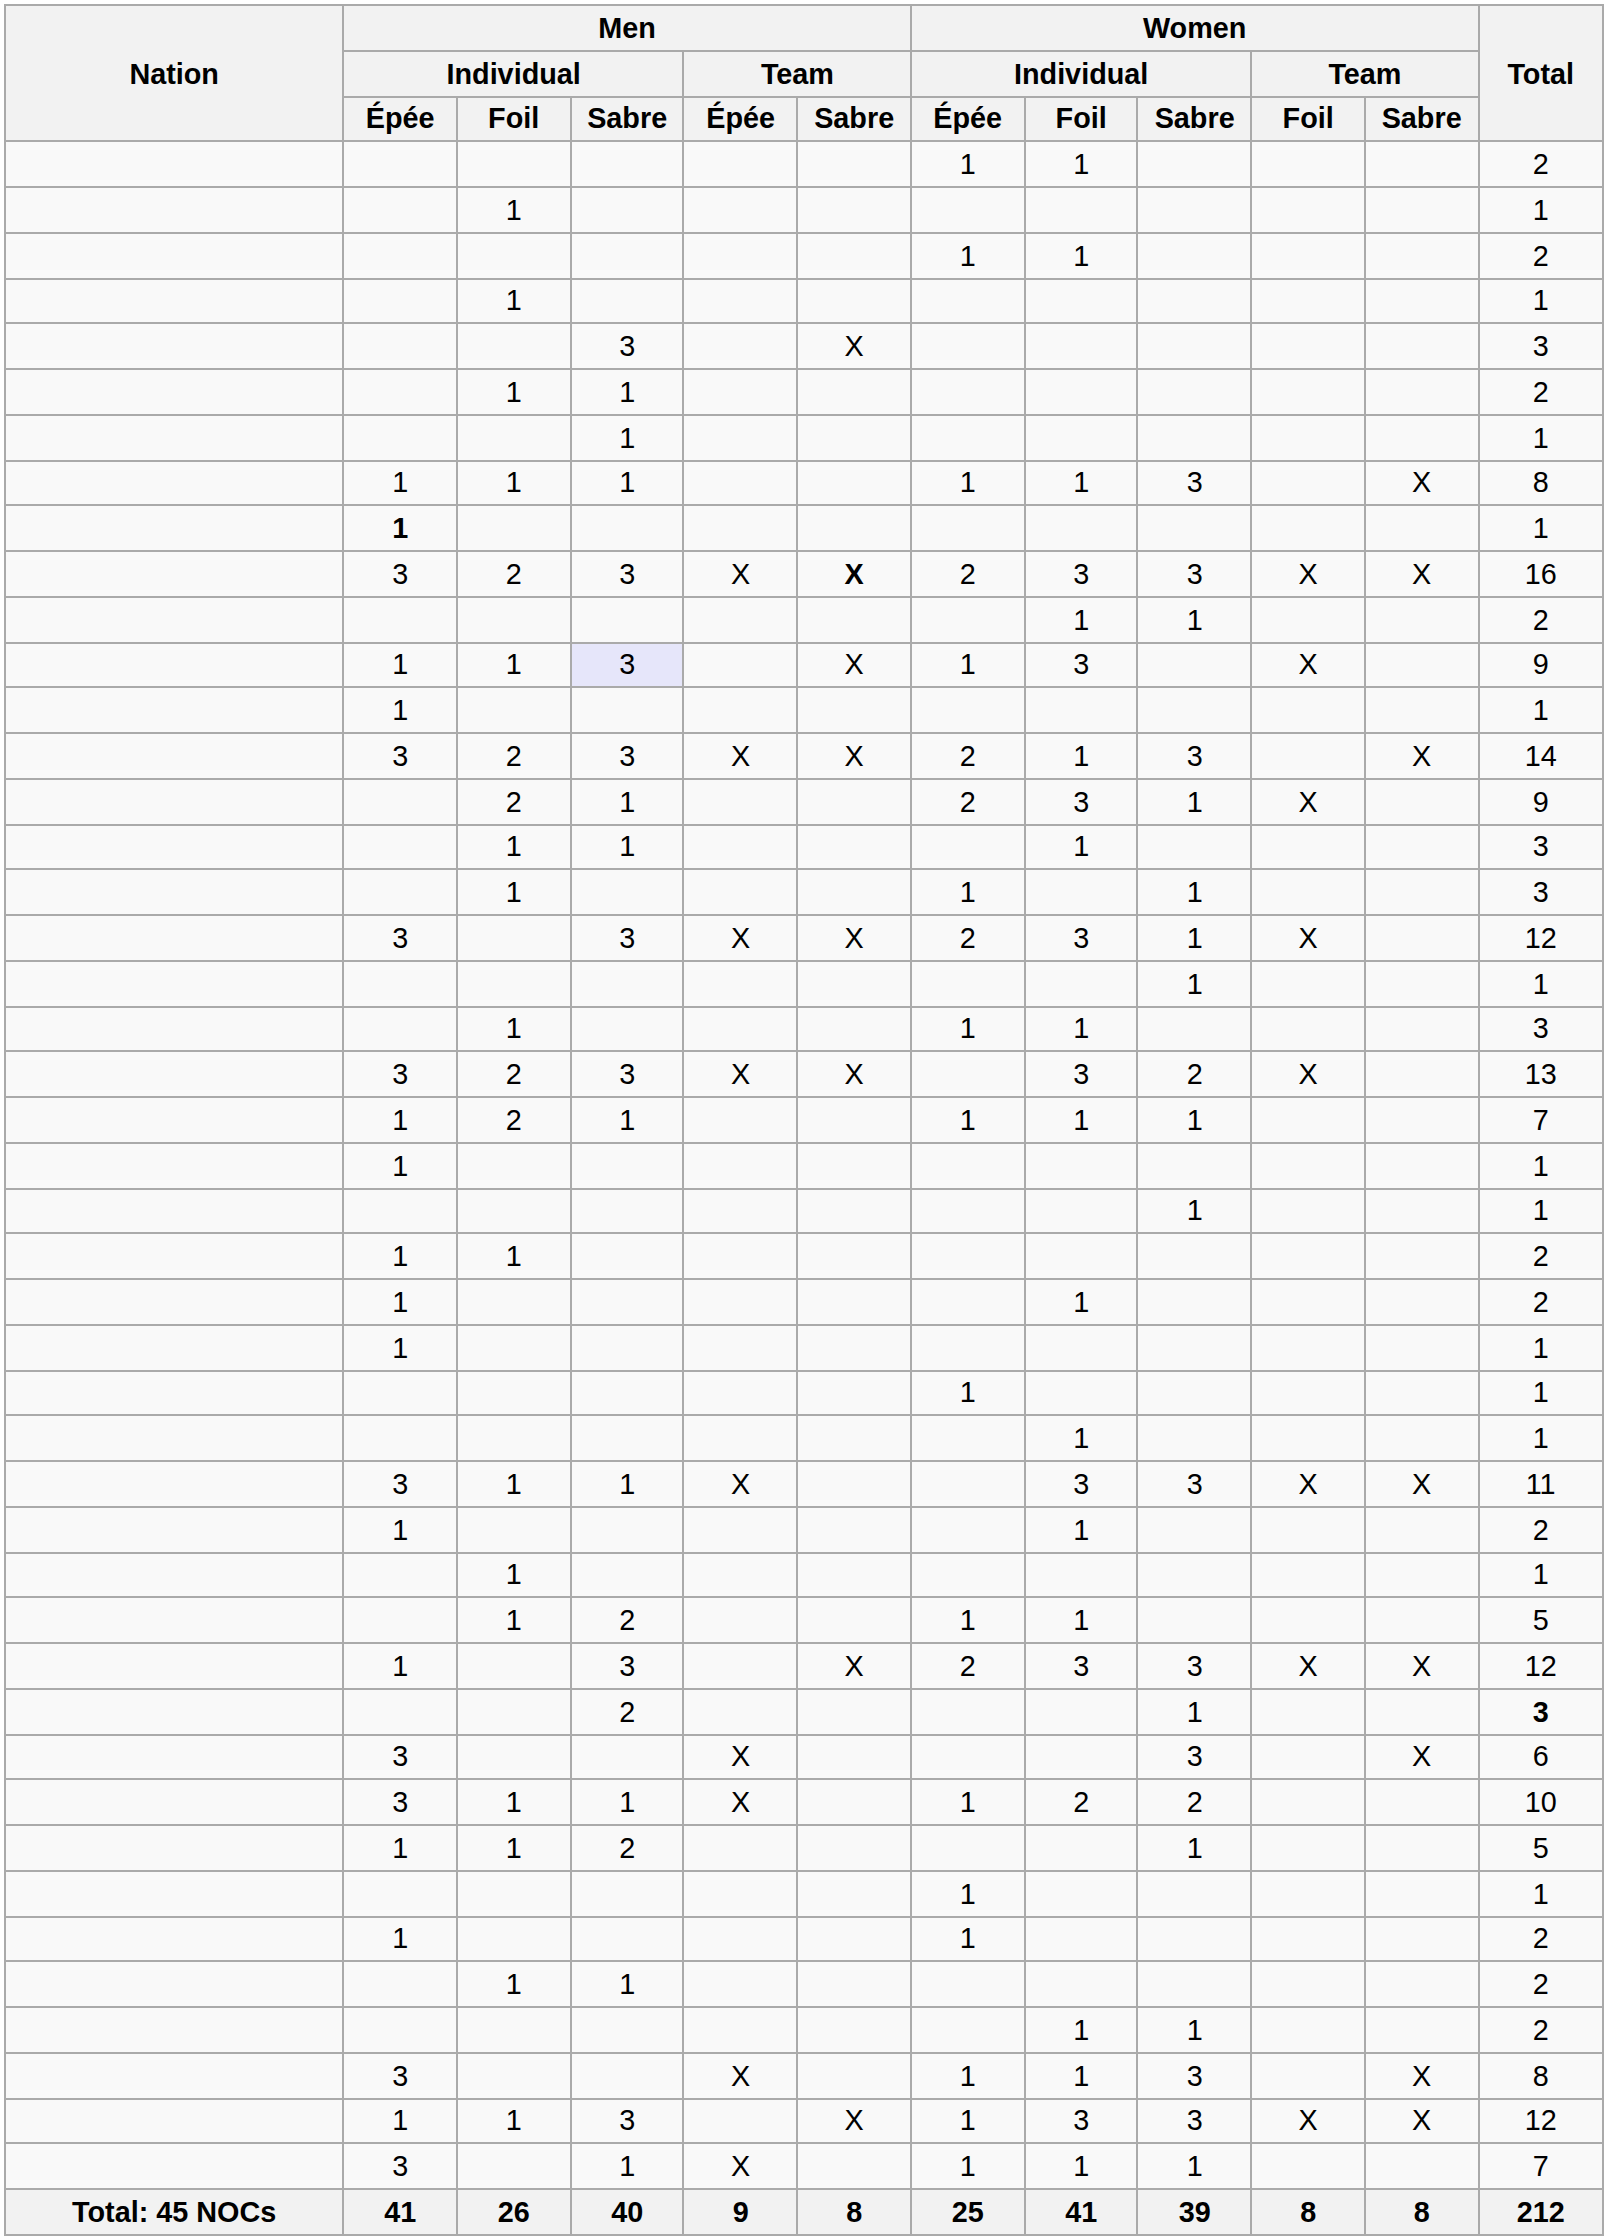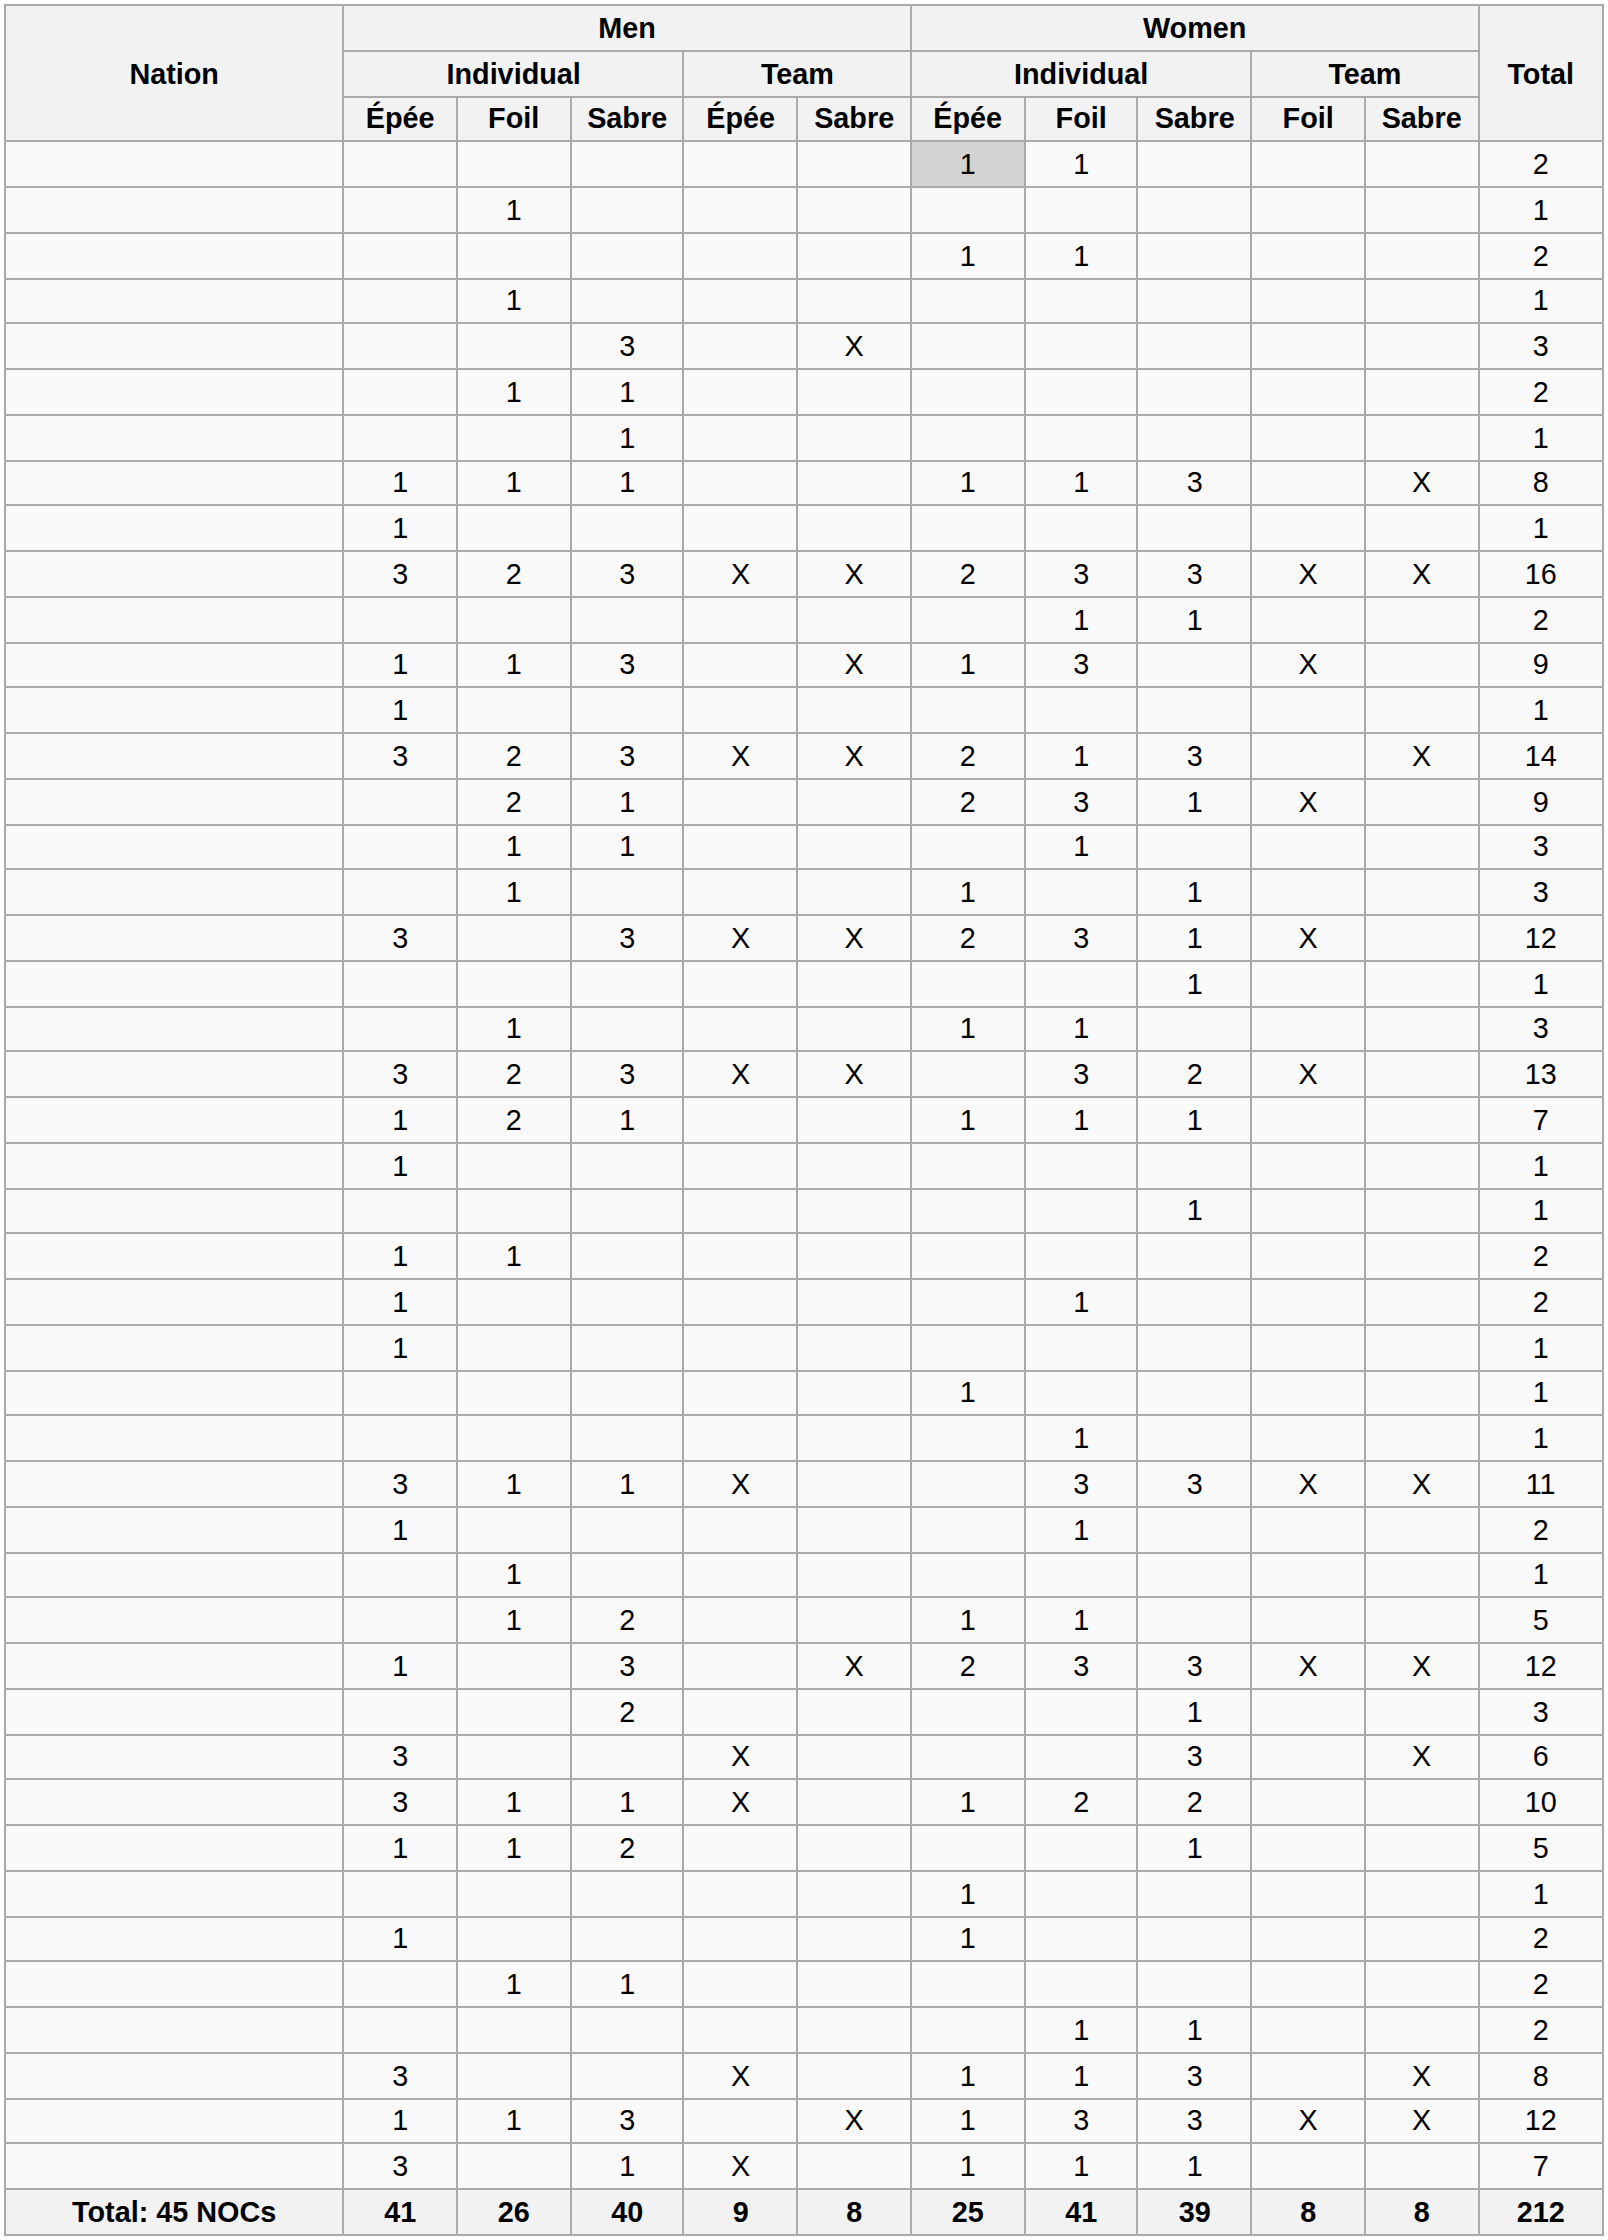 <table class="wikitable" width=800 style="text-align:center; font-size:90%">
 <tr>
 <th rowspan="3" align="left">Nation</th>
 <th colspan="5">Men</th>
 <th colspan="5">Women</th>
 <th rowspan="3">Total</th>
 </tr>
 <tr>
 <th colspan=3>Individual</th>
 <th colspan=2>Team</th>
 <th colspan=3>Individual</th>
 <th colspan=2>Team</th>
 </tr>
 <tr>
 <th width=50>Épée</th>
 <th width=50>Foil</th>
 <th width=50>Sabre</th>
 <th width=50>Épée</th>
 <th width=50>Sabre</th>
 <th width=50>Épée</th>
 <th width=50>Foil</th>
 <th width=50>Sabre</th>
 <th width=50>Foil</th>
 <th width=50>Sabre</th>
 </tr>
 <tr>
 <td align=left></td>
 <td></td>
 <td></td>
 <td></td>
 <td></td>
 <td></td>
-<td>1</td>
+<td style="background: lightgrey;">1</td>
 <td>1</td>
 <td></td>
 <td></td>
 <td></td>
 <td>2</td>
 </tr>
 <tr>
 <td align=left></td>
 <td></td>
 <td>1</td>
 <td></td>
 <td></td>
 <td></td>
 <td></td>
 <td></td>
 <td></td>
 <td></td>
 <td></td>
 <td>1</td>
 </tr>
 <tr>
 <td align=left></td>
 <td></td>
 <td></td>
 <td></td>
 <td></td>
 <td></td>
 <td>1</td>
 <td>1</td>
 <td></td>
 <td></td>
 <td></td>
 <td>2</td>
 </tr>
 <tr>
 <td align=left></td>
 <td></td>
 <td>1</td>
 <td></td>
 <td></td>
 <td></td>
 <td></td>
 <td></td>
 <td></td>
 <td></td>
 <td></td>
 <td>1</td>
 </tr>
 <tr>
 <td align=left></td>
 <td></td>
 <td></td>
 <td>3</td>
 <td></td>
 <td>X</td>
 <td></td>
 <td></td>
 <td></td>
 <td></td>
 <td></td>
 <td>3</td>
 </tr>
 <tr>
 <td align=left></td>
 <td></td>
 <td>1</td>
 <td>1</td>
 <td></td>
 <td></td>
 <td></td>
 <td></td>
 <td></td>
 <td></td>
 <td></td>
 <td>2</td>
 </tr>
 <tr>
 <td align=left></td>
 <td></td>
 <td></td>
 <td>1</td>
 <td></td>
 <td></td>
 <td></td>
 <td></td>
 <td></td>
 <td></td>
 <td></td>
 <td>1</td>
 </tr>
 <tr>
 <td align=left></td>
 <td>1</td>
 <td>1</td>
 <td>1</td>
 <td></td>
 <td></td>
 <td>1</td>
 <td>1</td>
 <td>3</td>
 <td></td>
 <td>X</td>
 <td>8</td>
 </tr>
 <tr>
 <td align=left></td>
-<td><strong>1</strong></td>
+<td>1</td>
 <td></td>
 <td></td>
 <td></td>
 <td></td>
 <td></td>
 <td></td>
 <td></td>
 <td></td>
 <td></td>
 <td>1</td>
 </tr>
 <tr>
 <td align=left></td>
 <td>3</td>
 <td>2</td>
 <td>3</td>
 <td>X</td>
-<td><strong>X</strong></td>
+<td>X</td>
 <td>2</td>
 <td>3</td>
 <td>3</td>
 <td>X</td>
 <td>X</td>
 <td>16</td>
 </tr>
 <tr>
 <td align=left></td>
 <td></td>
 <td></td>
 <td></td>
 <td></td>
 <td></td>
 <td></td>
 <td>1</td>
 <td>1</td>
 <td></td>
 <td></td>
 <td>2</td>
 </tr>
 <tr>
 <td align=left></td>
 <td>1</td>
 <td>1</td>
-<td style="background: lavender;">3</td>
+<td>3</td>
 <td></td>
 <td>X</td>
 <td>1</td>
 <td>3</td>
 <td></td>
 <td>X</td>
 <td></td>
 <td>9</td>
 </tr>
 <tr>
 <td align=left></td>
 <td>1</td>
 <td></td>
 <td></td>
 <td></td>
 <td></td>
 <td></td>
 <td></td>
 <td></td>
 <td></td>
 <td></td>
 <td>1</td>
 </tr>
 <tr>
 <td align=left></td>
 <td>3</td>
 <td>2</td>
 <td>3</td>
 <td>X</td>
 <td>X</td>
 <td>2</td>
 <td>1</td>
 <td>3</td>
 <td></td>
 <td>X</td>
 <td>14</td>
 </tr>
 <tr>
 <td align=left></td>
 <td></td>
 <td>2</td>
 <td>1</td>
 <td></td>
 <td></td>
 <td>2</td>
 <td>3</td>
 <td>1</td>
 <td>X</td>
 <td></td>
 <td>9</td>
 </tr>
 <tr>
 <td align=left></td>
 <td></td>
 <td>1</td>
 <td>1</td>
 <td></td>
 <td></td>
 <td></td>
 <td>1</td>
 <td></td>
 <td></td>
 <td></td>
 <td>3</td>
 </tr>
 <tr>
 <td align=left></td>
 <td></td>
 <td>1</td>
 <td></td>
 <td></td>
 <td></td>
 <td>1</td>
 <td></td>
 <td>1</td>
 <td></td>
 <td></td>
 <td>3</td>
 </tr>
 <tr>
 <td align=left></td>
 <td>3</td>
 <td></td>
 <td>3</td>
 <td>X</td>
 <td>X</td>
 <td>2</td>
 <td>3</td>
 <td>1</td>
 <td>X</td>
 <td></td>
 <td>12</td>
 </tr>
 <tr>
 <td align=left></td>
 <td></td>
 <td></td>
 <td></td>
 <td></td>
 <td></td>
 <td></td>
 <td></td>
 <td>1</td>
 <td></td>
 <td></td>
 <td>1</td>
 </tr>
 <tr>
 <td align=left></td>
 <td></td>
 <td>1</td>
 <td></td>
 <td></td>
 <td></td>
 <td>1</td>
 <td>1</td>
 <td></td>
 <td></td>
 <td></td>
 <td>3</td>
 </tr>
 <tr>
 <td align=left></td>
 <td>3</td>
 <td>2</td>
 <td>3</td>
 <td>X</td>
 <td>X</td>
 <td></td>
 <td>3</td>
 <td>2</td>
 <td>X</td>
 <td></td>
 <td>13</td>
 </tr>
 <tr>
 <td align=left></td>
 <td>1</td>
 <td>2</td>
 <td>1</td>
 <td></td>
 <td></td>
 <td>1</td>
 <td>1</td>
 <td>1</td>
 <td></td>
 <td></td>
 <td>7</td>
 </tr>
 <tr>
 <td align=left></td>
 <td>1</td>
 <td></td>
 <td></td>
 <td></td>
 <td></td>
 <td></td>
 <td></td>
 <td></td>
 <td></td>
 <td></td>
 <td>1</td>
 </tr>
 <tr>
 <td align=left></td>
 <td></td>
 <td></td>
 <td></td>
 <td></td>
 <td></td>
 <td></td>
 <td></td>
 <td>1</td>
 <td></td>
 <td></td>
 <td>1</td>
 </tr>
 <tr>
 <td align=left></td>
 <td>1</td>
 <td>1</td>
 <td></td>
 <td></td>
 <td></td>
 <td></td>
 <td></td>
 <td></td>
 <td></td>
 <td></td>
 <td>2</td>
 </tr>
 <tr>
 <td align=left></td>
 <td>1</td>
 <td></td>
 <td></td>
 <td></td>
 <td></td>
 <td></td>
 <td>1</td>
 <td></td>
 <td></td>
 <td></td>
 <td>2</td>
 </tr>
 <tr>
 <td align=left></td>
 <td>1</td>
 <td></td>
 <td></td>
 <td></td>
 <td></td>
 <td></td>
 <td></td>
 <td></td>
 <td></td>
 <td></td>
 <td>1</td>
 </tr>
 <tr>
 <td align=left></td>
 <td></td>
 <td></td>
 <td></td>
 <td></td>
 <td></td>
 <td>1</td>
 <td></td>
 <td></td>
 <td></td>
 <td></td>
 <td>1</td>
 </tr>
 <tr>
 <td align=left></td>
 <td></td>
 <td></td>
 <td></td>
 <td></td>
 <td></td>
 <td></td>
 <td>1</td>
 <td></td>
 <td></td>
 <td></td>
 <td>1</td>
 </tr>
 <tr>
 <td align=left></td>
 <td>3</td>
 <td>1</td>
 <td>1</td>
 <td>X</td>
 <td></td>
 <td></td>
 <td>3</td>
 <td>3</td>
 <td>X</td>
 <td>X</td>
 <td>11</td>
 </tr>
 <tr>
 <td align=left></td>
 <td>1</td>
 <td></td>
 <td></td>
 <td></td>
 <td></td>
 <td></td>
 <td>1</td>
 <td></td>
 <td></td>
 <td></td>
 <td>2</td>
 </tr>
 <tr>
 <td align=left></td>
 <td></td>
 <td>1</td>
 <td></td>
 <td></td>
 <td></td>
 <td></td>
 <td></td>
 <td></td>
 <td></td>
 <td></td>
 <td>1</td>
 </tr>
 <tr>
 <td align=left></td>
 <td></td>
 <td>1</td>
 <td>2</td>
 <td></td>
 <td></td>
 <td>1</td>
 <td>1</td>
 <td></td>
 <td></td>
 <td></td>
 <td>5</td>
 </tr>
 <tr>
 <td align=left></td>
 <td>1</td>
 <td></td>
 <td>3</td>
 <td></td>
 <td>X</td>
 <td>2</td>
 <td>3</td>
 <td>3</td>
 <td>X</td>
 <td>X</td>
 <td>12</td>
 </tr>
 <tr>
 <td align=left></td>
 <td></td>
 <td></td>
 <td>2</td>
 <td></td>
 <td></td>
 <td></td>
 <td></td>
 <td>1</td>
 <td></td>
 <td></td>
-<td><strong>3</strong></td>
+<td>3</td>
 </tr>
 <tr>
 <td align=left></td>
 <td>3</td>
 <td></td>
 <td></td>
 <td>X</td>
 <td></td>
 <td></td>
 <td></td>
 <td>3</td>
 <td></td>
 <td>X</td>
 <td>6</td>
 </tr>
 <tr>
 <td align=left></td>
 <td>3</td>
 <td>1</td>
 <td>1</td>
 <td>X</td>
 <td></td>
 <td>1</td>
 <td>2</td>
 <td>2</td>
 <td></td>
 <td></td>
 <td>10</td>
 </tr>
 <tr>
 <td align=left></td>
 <td>1</td>
 <td>1</td>
 <td>2</td>
 <td></td>
 <td></td>
 <td></td>
 <td></td>
 <td>1</td>
 <td></td>
 <td></td>
 <td>5</td>
 </tr>
 <tr>
 <td align=left></td>
 <td></td>
 <td></td>
 <td></td>
 <td></td>
 <td></td>
 <td>1</td>
 <td></td>
 <td></td>
 <td></td>
 <td></td>
 <td>1</td>
 </tr>
 <tr>
 <td align=left></td>
 <td>1</td>
 <td></td>
 <td></td>
 <td></td>
 <td></td>
 <td>1</td>
 <td></td>
 <td></td>
 <td></td>
 <td></td>
 <td>2</td>
 </tr>
 <tr>
 <td align=left></td>
 <td></td>
 <td>1</td>
 <td>1</td>
 <td></td>
 <td></td>
 <td></td>
 <td></td>
 <td></td>
 <td></td>
 <td></td>
 <td>2</td>
 </tr>
 <tr>
 <td align=left></td>
 <td></td>
 <td></td>
 <td></td>
 <td></td>
 <td></td>
 <td></td>
 <td>1</td>
 <td>1</td>
 <td></td>
 <td></td>
 <td>2</td>
 </tr>
 <tr>
 <td align=left></td>
 <td>3</td>
 <td></td>
 <td></td>
 <td>X</td>
 <td></td>
 <td>1</td>
 <td>1</td>
 <td>3</td>
 <td></td>
 <td>X</td>
 <td>8</td>
 </tr>
 <tr>
 <td align=left></td>
 <td>1</td>
 <td>1</td>
 <td>3</td>
 <td></td>
 <td>X</td>
 <td>1</td>
 <td>3</td>
 <td>3</td>
 <td>X</td>
 <td>X</td>
 <td>12</td>
 </tr>
 <tr>
 <td align=left></td>
 <td>3</td>
 <td></td>
 <td>1</td>
 <td>X</td>
 <td></td>
 <td>1</td>
 <td>1</td>
 <td>1</td>
 <td></td>
 <td></td>
 <td>7</td>
 </tr>
 <tr>
 <th>Total: 45 NOCs</th>
 <th>41</th>
 <th>26</th>
 <th>40</th>
 <th>9</th>
 <th>8</th>
 <th>25</th>
 <th>41</th>
 <th>39</th>
 <th>8</th>
 <th>8</th>
 <th>212</th>
 </tr>
 </table>
